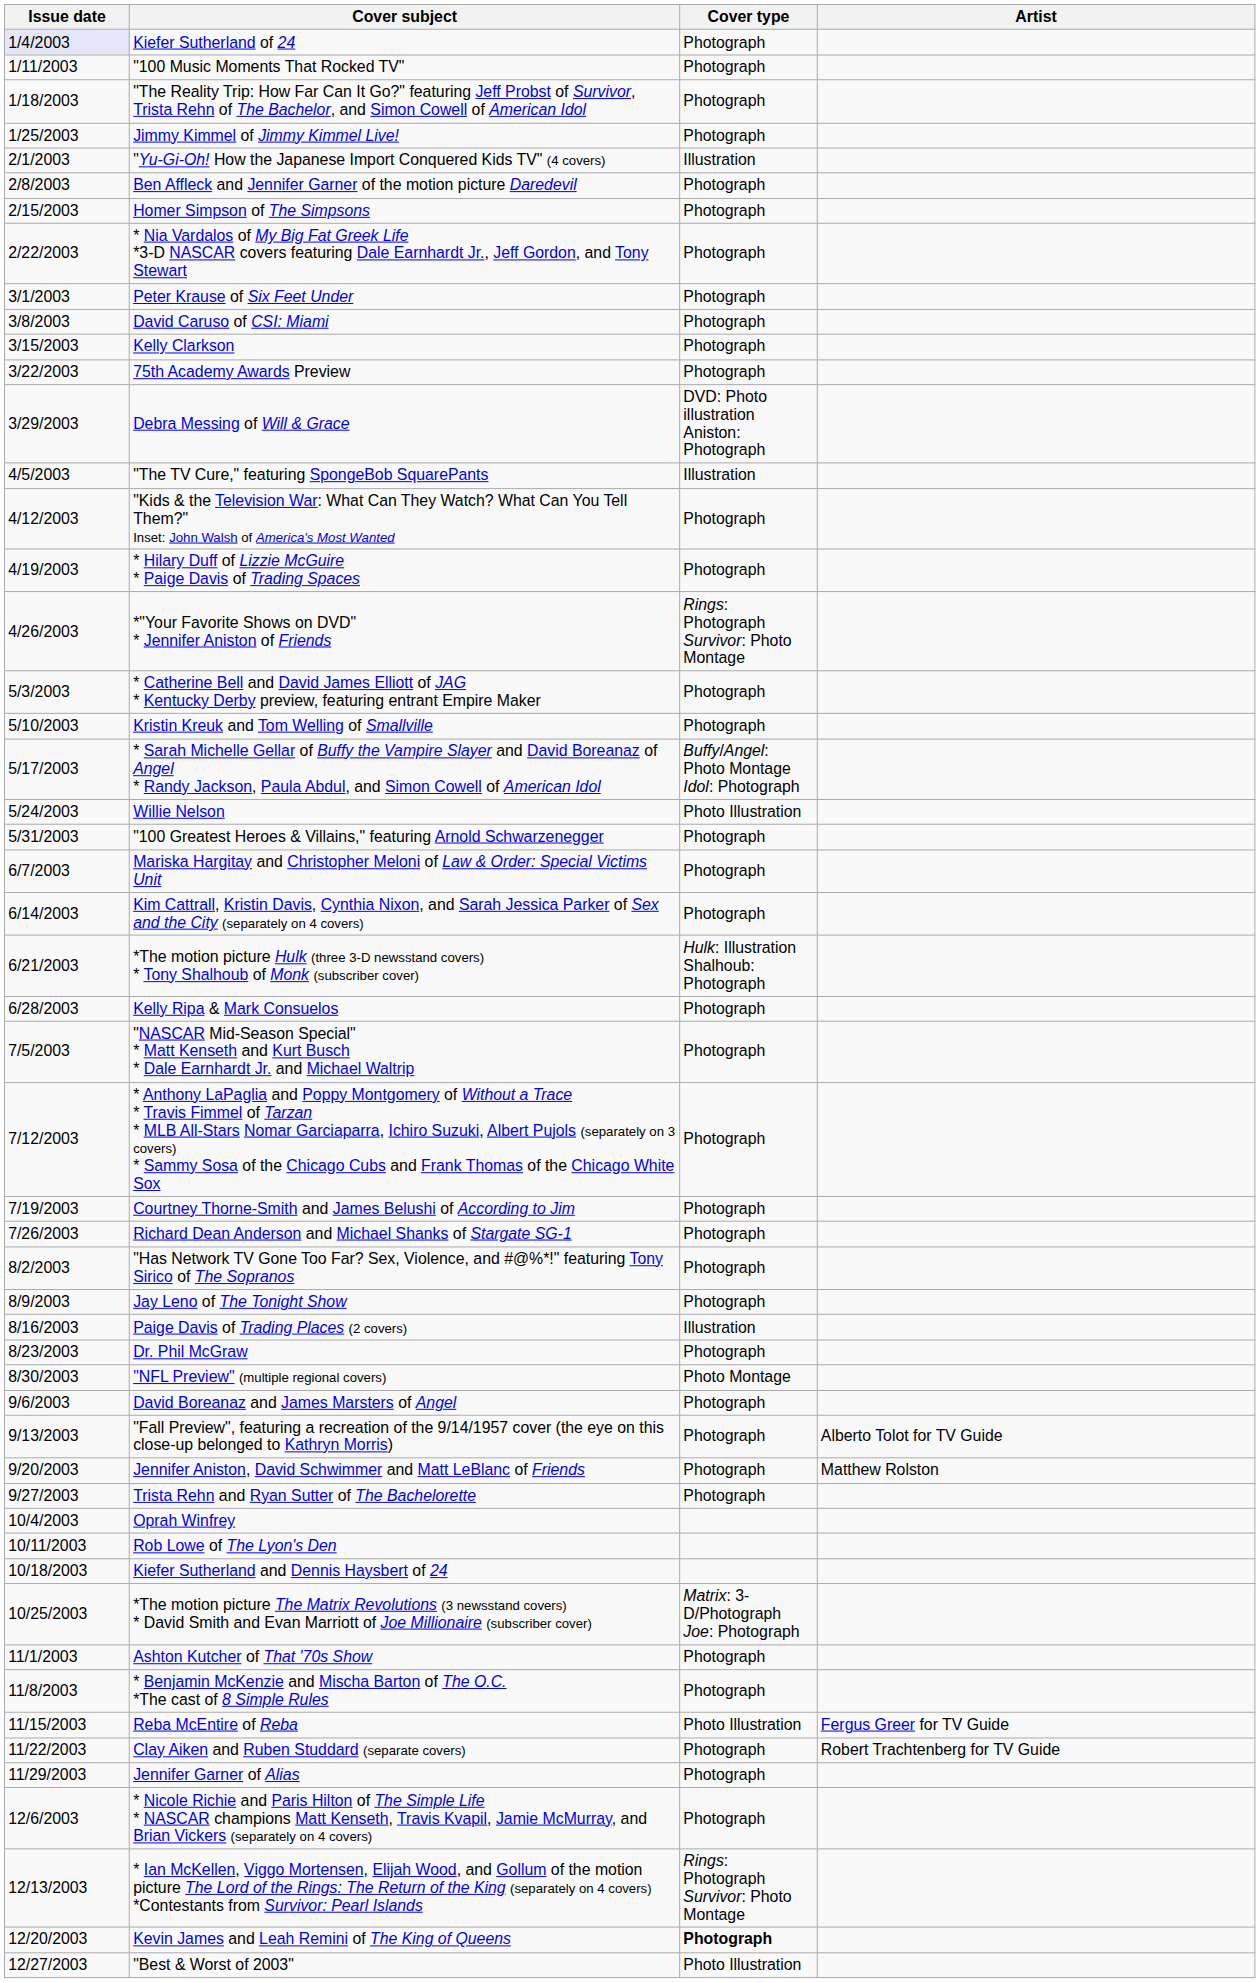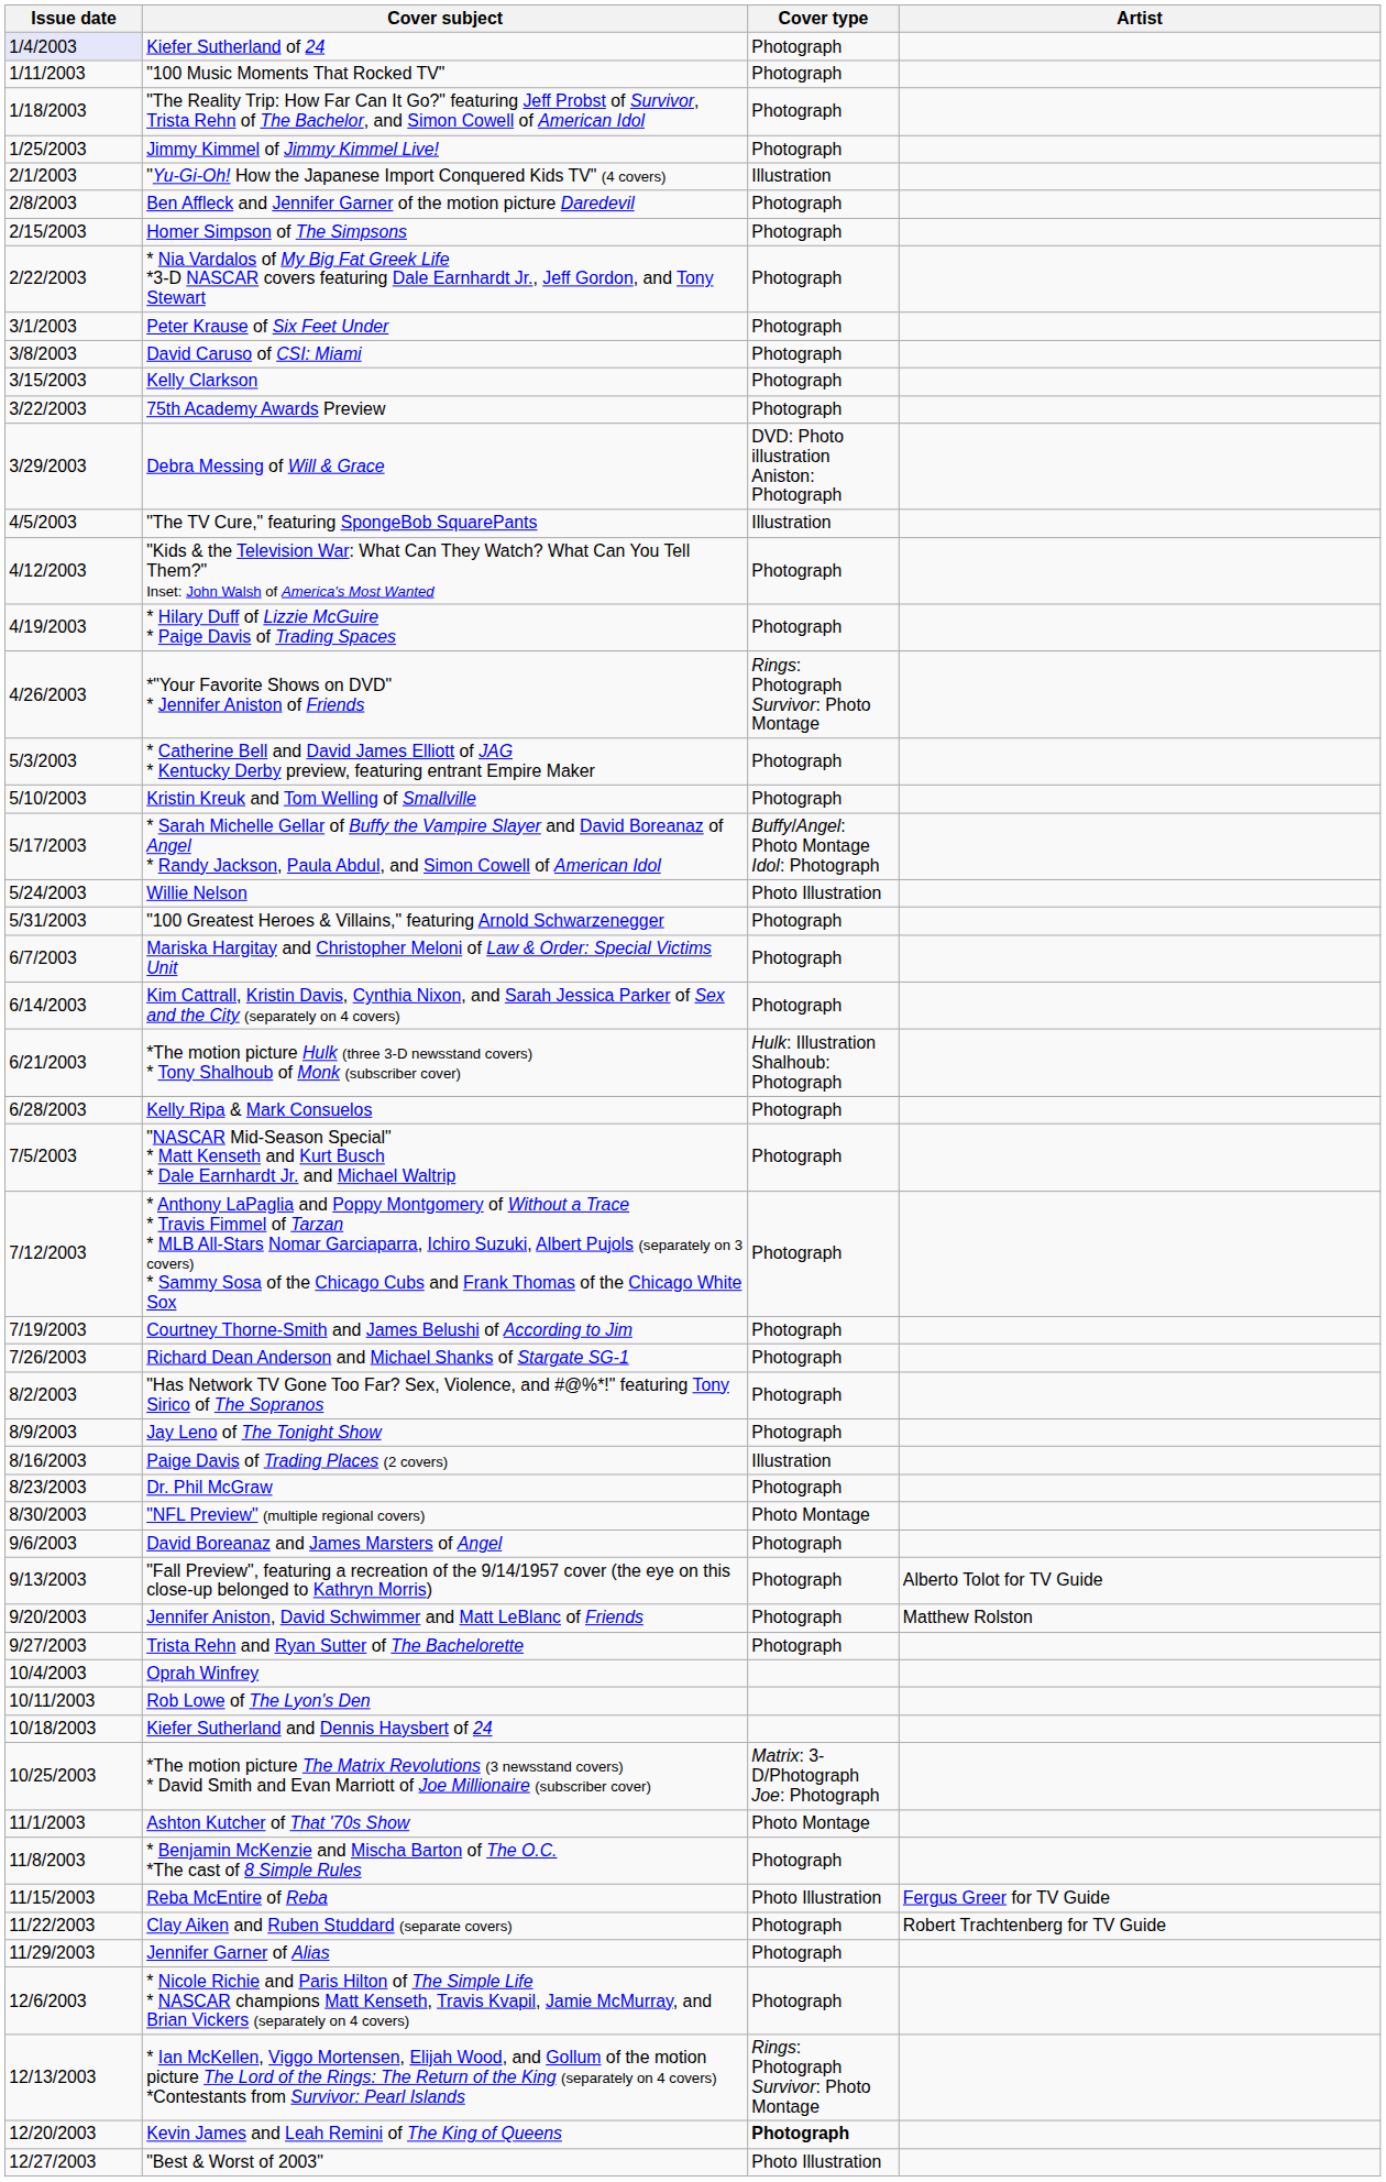 <table class="wikitable sortable"  style="width:100%;">
 <tr>
 <th style="width:10%;">Issue date</th>
 <th style="width:44%;">Cover subject</th>
 <th style="width:11%;">Cover type</th>
 <th style="width:35%;">Artist</th>
 </tr>
 <tr>
 <td style="background: lavender;">1/4/2003</td>
 <td><a href='#'>Kiefer Sutherland</a> of <em><a href='#'>24</a></em></td>
 <td>Photograph</td>
 <td></td>
 </tr>
 <tr>
 <td>1/11/2003</td>
 <td>"100 Music Moments That Rocked TV"</td>
 <td>Photograph</td>
 <td></td>
 </tr>
 <tr>
 <td>1/18/2003</td>
 <td>"The Reality Trip: How Far Can It Go?" featuring <a href='#'>Jeff Probst</a> of <em><a href='#'>Survivor</a></em>, <a href='#'>Trista Rehn</a> of <em><a href='#'>The Bachelor</a></em>, and <a href='#'>Simon Cowell</a> of <em><a href='#'>American Idol</a></em></td>
 <td>Photograph</td>
 <td></td>
 </tr>
 <tr>
 <td>1/25/2003</td>
 <td><a href='#'>Jimmy Kimmel</a> of <em><a href='#'>Jimmy Kimmel Live!</a></em></td>
 <td>Photograph</td>
 <td></td>
 </tr>
 <tr>
 <td>2/1/2003</td>
 <td>"<em><a href='#'>Yu-Gi-Oh!</a></em> How the Japanese Import Conquered Kids TV" <small>(4 covers)</small></td>
 <td>Illustration</td>
 <td></td>
 </tr>
 <tr>
 <td>2/8/2003</td>
 <td><a href='#'>Ben Affleck</a> and <a href='#'>Jennifer Garner</a> of the motion picture <em><a href='#'>Daredevil</a></em></td>
 <td>Photograph</td>
 <td></td>
 </tr>
 <tr>
 <td>2/15/2003</td>
 <td><a href='#'>Homer Simpson</a> of <em><a href='#'>The Simpsons</a></em></td>
 <td>Photograph</td>
 <td></td>
 </tr>
 <tr>
 <td>2/22/2003</td>
 <td>* <a href='#'>Nia Vardalos</a> of <em><a href='#'>My Big Fat Greek Life</a></em><br>*3-D <a href='#'>NASCAR</a> covers featuring <a href='#'>Dale Earnhardt Jr.</a>, <a href='#'>Jeff Gordon</a>, and <a href='#'>Tony Stewart</a></td>
 <td>Photograph</td>
 <td></td>
 </tr>
 <tr>
 <td>3/1/2003</td>
 <td><a href='#'>Peter Krause</a> of <em><a href='#'>Six Feet Under</a></em></td>
 <td>Photograph</td>
 <td></td>
 </tr>
 <tr>
 <td>3/8/2003</td>
 <td><a href='#'>David Caruso</a> of <em><a href='#'>CSI: Miami</a></em></td>
 <td>Photograph</td>
 <td></td>
 </tr>
 <tr>
 <td>3/15/2003</td>
 <td><a href='#'>Kelly Clarkson</a></td>
 <td>Photograph</td>
 <td></td>
 </tr>
 <tr>
 <td>3/22/2003</td>
 <td><a href='#'>75th Academy Awards</a> Preview</td>
 <td>Photograph</td>
 <td></td>
 </tr>
 <tr>
 <td>3/29/2003</td>
 <td><a href='#'>Debra Messing</a> of <em><a href='#'>Will & Grace</a></em></td>
 <td>DVD: Photo illustration<br>Aniston: Photograph</td>
 <td></td>
 </tr>
 <tr>
 <td>4/5/2003</td>
 <td>"The TV Cure," featuring <a href='#'>SpongeBob SquarePants</a></td>
 <td>Illustration</td>
 <td></td>
 </tr>
 <tr>
 <td>4/12/2003</td>
 <td>"Kids & the <a href='#'>Television War</a>: What Can They Watch? What Can You Tell Them?"<br><small>Inset: <a href='#'>John Walsh</a> of <em><a href='#'>America's Most Wanted</a></em></small></td>
 <td>Photograph</td>
 <td></td>
 </tr>
 <tr>
 <td>4/19/2003</td>
 <td>* <a href='#'>Hilary Duff</a> of <em><a href='#'>Lizzie McGuire</a></em><br>* <a href='#'>Paige Davis</a> of <em><a href='#'>Trading Spaces</a></em></td>
 <td>Photograph</td>
 <td></td>
 </tr>
 <tr>
 <td>4/26/2003</td>
 <td>*"Your Favorite Shows on DVD"<br>* <a href='#'>Jennifer Aniston</a> of <em><a href='#'>Friends</a></em></td>
 <td><em>Rings</em>: Photograph<br><em>Survivor</em>: Photo Montage</td>
 <td></td>
 </tr>
 <tr>
 <td>5/3/2003</td>
 <td>* <a href='#'>Catherine Bell</a> and <a href='#'>David James Elliott</a> of <em><a href='#'>JAG</a></em><br>* <a href='#'>Kentucky Derby</a> preview, featuring entrant Empire Maker</td>
 <td>Photograph</td>
 <td></td>
 </tr>
 <tr>
 <td>5/10/2003</td>
 <td><a href='#'>Kristin Kreuk</a> and <a href='#'>Tom Welling</a> of <em><a href='#'>Smallville</a></em></td>
 <td>Photograph</td>
 <td></td>
 </tr>
 <tr>
 <td>5/17/2003</td>
 <td>* <a href='#'>Sarah Michelle Gellar</a> of <em><a href='#'>Buffy the Vampire Slayer</a></em> and <a href='#'>David Boreanaz</a> of <em><a href='#'>Angel</a></em><br>* <a href='#'>Randy Jackson</a>, <a href='#'>Paula Abdul</a>, and <a href='#'>Simon Cowell</a> of <em><a href='#'>American Idol</a></em></td>
 <td><em>Buffy</em>/<em>Angel</em>: Photo Montage<br><em>Idol</em>: Photograph</td>
 <td></td>
 </tr>
 <tr>
 <td>5/24/2003</td>
 <td><a href='#'>Willie Nelson</a></td>
 <td>Photo Illustration</td>
 <td></td>
 </tr>
 <tr>
 <td>5/31/2003</td>
 <td>"100 Greatest Heroes & Villains," featuring <a href='#'>Arnold Schwarzenegger</a></td>
 <td>Photograph</td>
 <td></td>
 </tr>
 <tr>
 <td>6/7/2003</td>
 <td><a href='#'>Mariska Hargitay</a> and <a href='#'>Christopher Meloni</a> of <em><a href='#'>Law & Order: Special Victims Unit</a></em></td>
 <td>Photograph</td>
 <td></td>
 </tr>
 <tr>
 <td>6/14/2003</td>
 <td><a href='#'>Kim Cattrall</a>, <a href='#'>Kristin Davis</a>, <a href='#'>Cynthia Nixon</a>, and <a href='#'>Sarah Jessica Parker</a> of <em><a href='#'>Sex and the City</a></em> <small>(separately on 4 covers)</small></td>
 <td>Photograph</td>
 <td></td>
 </tr>
 <tr>
 <td>6/21/2003</td>
 <td>*The motion picture <em><a href='#'>Hulk</a></em> <small>(three 3-D newsstand covers)</small><br>* <a href='#'>Tony Shalhoub</a> of <em><a href='#'>Monk</a></em> <small>(subscriber cover)</small></td>
 <td><em>Hulk</em>: Illustration<br>Shalhoub: Photograph</td>
 <td></td>
 </tr>
 <tr>
 <td>6/28/2003</td>
 <td><a href='#'>Kelly Ripa</a> & <a href='#'>Mark Consuelos</a></td>
 <td>Photograph</td>
 <td></td>
 </tr>
 <tr>
 <td>7/5/2003</td>
 <td>"<a href='#'>NASCAR</a> Mid-Season Special"<br>* <a href='#'>Matt Kenseth</a> and <a href='#'>Kurt Busch</a><br>* <a href='#'>Dale Earnhardt Jr.</a> and <a href='#'>Michael Waltrip</a></td>
 <td>Photograph</td>
 <td></td>
 </tr>
 <tr>
 <td>7/12/2003</td>
 <td>* <a href='#'>Anthony LaPaglia</a> and <a href='#'>Poppy Montgomery</a> of <em><a href='#'>Without a Trace</a></em><br>* <a href='#'>Travis Fimmel</a> of <em><a href='#'>Tarzan</a></em><br>* <a href='#'>MLB All-Stars</a> <a href='#'>Nomar Garciaparra</a>, <a href='#'>Ichiro Suzuki</a>, <a href='#'>Albert Pujols</a> <small>(separately on 3 covers)</small><br>* <a href='#'>Sammy Sosa</a> of the <a href='#'>Chicago Cubs</a> and <a href='#'>Frank Thomas</a> of the <a href='#'>Chicago White Sox</a></td>
 <td>Photograph</td>
 <td></td>
 </tr>
 <tr>
 <td>7/19/2003</td>
 <td><a href='#'>Courtney Thorne-Smith</a> and <a href='#'>James Belushi</a> of <em><a href='#'>According to Jim</a></em></td>
 <td>Photograph</td>
 <td></td>
 </tr>
 <tr>
 <td>7/26/2003</td>
 <td><a href='#'>Richard Dean Anderson</a> and <a href='#'>Michael Shanks</a> of <em><a href='#'>Stargate SG-1</a></em></td>
 <td>Photograph</td>
 <td></td>
 </tr>
 <tr>
 <td>8/2/2003</td>
 <td>"Has Network TV Gone Too Far? Sex, Violence, and #@%*!" featuring <a href='#'>Tony Sirico</a> of <em><a href='#'>The Sopranos</a></em></td>
 <td>Photograph</td>
 <td></td>
 </tr>
 <tr>
 <td>8/9/2003</td>
 <td><a href='#'>Jay Leno</a> of <em><a href='#'>The Tonight Show</a></em></td>
 <td>Photograph</td>
 <td></td>
 </tr>
 <tr>
 <td>8/16/2003</td>
 <td><a href='#'>Paige Davis</a> of <em><a href='#'>Trading Places</a></em> <small>(2 covers)</small></td>
 <td>Illustration</td>
 <td></td>
 </tr>
 <tr>
 <td>8/23/2003</td>
 <td><a href='#'>Dr. Phil McGraw</a></td>
 <td>Photograph</td>
 <td></td>
 </tr>
 <tr>
 <td>8/30/2003</td>
 <td><a href='#'>"NFL Preview"</a> <small>(multiple regional covers)</small></td>
 <td>Photo Montage</td>
 <td></td>
 </tr>
 <tr>
 <td>9/6/2003</td>
 <td><a href='#'>David Boreanaz</a> and <a href='#'>James Marsters</a> of <em><a href='#'>Angel</a></em></td>
 <td>Photograph</td>
 <td></td>
 </tr>
 <tr>
 <td>9/13/2003</td>
 <td>"Fall Preview", featuring a recreation of the 9/14/1957 cover (the eye on this close-up belonged to <a href='#'>Kathryn Morris</a>)</td>
 <td>Photograph</td>
 <td>Alberto Tolot for TV Guide</td>
 </tr>
 <tr>
 <td>9/20/2003</td>
 <td><a href='#'>Jennifer Aniston</a>, <a href='#'>David Schwimmer</a> and <a href='#'>Matt LeBlanc</a> of <em><a href='#'>Friends</a></em></td>
 <td>Photograph</td>
 <td>Matthew Rolston</td>
 </tr>
 <tr>
 <td>9/27/2003</td>
 <td><a href='#'>Trista Rehn</a> and <a href='#'>Ryan Sutter</a> of <em><a href='#'>The Bachelorette</a></em></td>
 <td>Photograph</td>
 <td></td>
 </tr>
 <tr>
 <td>10/4/2003</td>
 <td><a href='#'>Oprah Winfrey</a></td>
 <td></td>
 <td></td>
 </tr>
 <tr>
 <td>10/11/2003</td>
 <td><a href='#'>Rob Lowe</a> of <em><a href='#'>The Lyon's Den</a></em></td>
 <td></td>
 <td></td>
 </tr>
 <tr>
 <td>10/18/2003</td>
 <td><a href='#'>Kiefer Sutherland</a> and <a href='#'>Dennis Haysbert</a> of <em><a href='#'>24</a></em></td>
 <td></td>
 <td></td>
 </tr>
 <tr>
 <td>10/25/2003</td>
 <td>*The motion picture <em><a href='#'>The Matrix Revolutions</a></em> <small>(3 newsstand covers)</small><br>* David Smith and Evan Marriott of <em><a href='#'>Joe Millionaire</a></em> <small>(subscriber cover)</small></td>
 <td><em>Matrix</em>: 3-D/Photograph<br><em>Joe</em>: Photograph</td>
 <td></td>
 </tr>
 <tr>
 <td>11/1/2003</td>
 <td><a href='#'>Ashton Kutcher</a> of <em><a href='#'>That '70s Show</a></em></td>
-<td>Photograph</td>
+<td>Photo Montage</td>
 <td></td>
 </tr>
 <tr>
 <td>11/8/2003</td>
 <td>* <a href='#'>Benjamin McKenzie</a> and <a href='#'>Mischa Barton</a> of <em><a href='#'>The O.C.</a></em><br>*The cast of <em><a href='#'>8 Simple Rules</a></em></td>
 <td>Photograph</td>
 <td></td>
 </tr>
 <tr>
 <td>11/15/2003</td>
 <td><a href='#'>Reba McEntire</a> of <em><a href='#'>Reba</a></em></td>
 <td>Photo Illustration</td>
 <td><a href='#'>Fergus Greer</a> for TV Guide</td>
 </tr>
 <tr>
 <td>11/22/2003</td>
 <td><a href='#'>Clay Aiken</a> and <a href='#'>Ruben Studdard</a> <small>(separate covers)</small></td>
 <td>Photograph</td>
 <td>Robert Trachtenberg for TV Guide</td>
 </tr>
 <tr>
 <td>11/29/2003</td>
 <td><a href='#'>Jennifer Garner</a> of <em><a href='#'>Alias</a></em></td>
 <td>Photograph</td>
 <td></td>
 </tr>
 <tr>
 <td>12/6/2003</td>
 <td>* <a href='#'>Nicole Richie</a> and <a href='#'>Paris Hilton</a> of <em><a href='#'>The Simple Life</a></em><br>* <a href='#'>NASCAR</a> champions <a href='#'>Matt Kenseth</a>, <a href='#'>Travis Kvapil</a>, <a href='#'>Jamie McMurray</a>, and <a href='#'>Brian Vickers</a> <small>(separately on 4 covers)</small></td>
 <td>Photograph</td>
 <td></td>
 </tr>
 <tr>
 <td>12/13/2003</td>
 <td>* <a href='#'>Ian McKellen</a>, <a href='#'>Viggo Mortensen</a>, <a href='#'>Elijah Wood</a>, and <a href='#'>Gollum</a> of the motion picture <em><a href='#'>The Lord of the Rings: The Return of the King</a></em> <small>(separately on 4 covers)</small><br>*Contestants from <em><a href='#'>Survivor: Pearl Islands</a></em></td>
 <td><em>Rings</em>: Photograph<br><em>Survivor</em>: Photo Montage</td>
 <td></td>
 </tr>
 <tr>
 <td>12/20/2003</td>
 <td><a href='#'>Kevin James</a> and <a href='#'>Leah Remini</a> of <em><a href='#'>The King of Queens</a></em></td>
 <td><strong>Photograph</strong></td>
 <td></td>
 </tr>
 <tr>
 <td>12/27/2003</td>
 <td>"Best & Worst of 2003"</td>
 <td>Photo Illustration</td>
 <td></td>
 </tr>
 </table>
